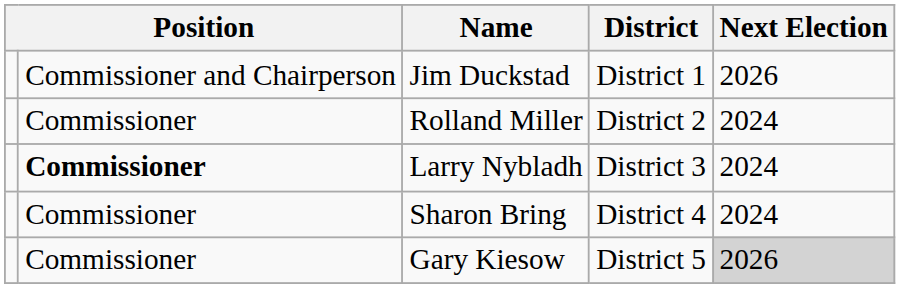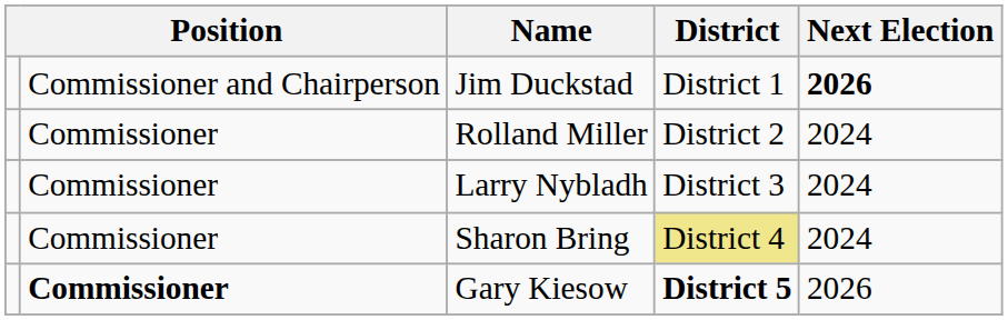 <table class="wikitable">
 <tr>
 <th colspan="2">Position</th>
 <th>Name</th>
 <th>District</th>
 <th>Next Election</th>
 </tr>
 <tr>
 <td></td>
 <td>Commissioner and Chairperson</td>
 <td>Jim Duckstad</td>
 <td>District 1</td>
-<td>2026</td>
+<td><strong>2026</strong></td>
 </tr>
 <tr>
 <td></td>
 <td>Commissioner</td>
 <td>Rolland Miller</td>
 <td>District 2</td>
 <td>2024</td>
 </tr>
 <tr>
 <td></td>
-<td><strong>Commissioner</strong></td>
+<td>Commissioner</td>
 <td>Larry Nybladh</td>
 <td>District 3</td>
 <td>2024</td>
 </tr>
 <tr>
 <td></td>
 <td>Commissioner</td>
 <td>Sharon Bring</td>
-<td>District 4</td>
+<td style="background: khaki;">District 4</td>
 <td>2024</td>
 </tr>
 <tr>
 <td></td>
-<td>Commissioner</td>
+<td><strong>Commissioner</strong></td>
 <td>Gary Kiesow</td>
-<td>District 5</td>
-<td style="background: lightgrey;">2026</td>
+<td><strong>District 5</strong></td>
+<td>2026</td>
 </tr>
 </table>
